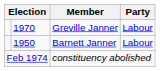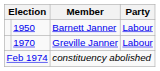 <table class="wikitable">
 <tr>
 <th colspan="2">Election</th>
 <th>Member</th>
 <th>Party</th>
 </tr>
 <tr>
 <td style="color:inherit;background-color: "></td>
-<td><a href='#'>1970</a></td>
-<td><a href='#'>Greville Janner</a></td>
+<td><a href='#'>1950</a></td>
+<td><a href='#'>Barnett Janner</a></td>
 <td><a href='#'>Labour</a></td>
 </tr>
 <tr>
 <td style="color:inherit;background-color: "></td>
-<td><a href='#'>1950</a></td>
-<td><a href='#'>Barnett Janner</a></td>
+<td><a href='#'>1970</a></td>
+<td><a href='#'>Greville Janner</a></td>
 <td><a href='#'>Labour</a></td>
 </tr>
 <tr>
 <td colspan="2" align="right"><a href='#'>Feb 1974</a></td>
 <td colspan="2"><em>constituency abolished</em></td>
 </tr>
 </table>
